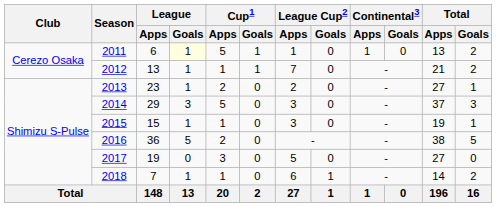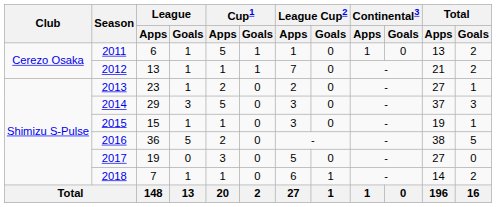 <table class="wikitable" style="text-align:center;">
 <tr>
 <th rowspan="2">Club</th>
 <th rowspan="2">Season</th>
 <th colspan="2">League</th>
 <th colspan="2">Cup<sup><a href='#'>1</a></sup></th>
 <th colspan="2">League Cup<sup><a href='#'>2</a></sup></th>
 <th colspan="2">Continental<sup><a href='#'>3</a></sup></th>
 <th colspan="2">Total</th>
 </tr>
 <tr>
 <th>Apps</th>
 <th>Goals</th>
 <th>Apps</th>
 <th>Goals</th>
 <th>Apps</th>
 <th>Goals</th>
 <th>Apps</th>
 <th>Goals</th>
 <th>Apps</th>
 <th>Goals</th>
 </tr>
 <tr>
 <td rowspan="2"><a href='#'>Cerezo Osaka</a></td>
 <td><a href='#'>2011</a></td>
 <td>6</td>
-<td style="background: lightyellow;">1</td>
+<td>1</td>
 <td>5</td>
 <td>1</td>
 <td>1</td>
 <td>0</td>
 <td>1</td>
 <td>0</td>
 <td>13</td>
 <td>2</td>
 </tr>
 <tr>
 <td><a href='#'>2012</a></td>
 <td>13</td>
 <td>1</td>
 <td>1</td>
 <td>1</td>
 <td>7</td>
 <td>0</td>
 <td colspan="2">-</td>
 <td>21</td>
 <td>2</td>
 </tr>
 <tr>
 <td rowspan="6"><a href='#'>Shimizu S-Pulse</a></td>
 <td><a href='#'>2013</a></td>
 <td>23</td>
 <td>1</td>
 <td>2</td>
 <td>0</td>
 <td>2</td>
 <td>0</td>
 <td colspan="2">-</td>
 <td>27</td>
 <td>1</td>
 </tr>
 <tr>
 <td><a href='#'>2014</a></td>
 <td>29</td>
 <td>3</td>
 <td>5</td>
 <td>0</td>
 <td>3</td>
 <td>0</td>
 <td colspan="2">-</td>
 <td>37</td>
 <td>3</td>
 </tr>
 <tr>
 <td><a href='#'>2015</a></td>
 <td>15</td>
 <td>1</td>
 <td>1</td>
 <td>0</td>
 <td>3</td>
 <td>0</td>
 <td colspan="2">-</td>
 <td>19</td>
 <td>1</td>
 </tr>
 <tr>
 <td><a href='#'>2016</a></td>
 <td>36</td>
 <td>5</td>
 <td>2</td>
 <td>0</td>
 <td colspan="2">-</td>
 <td colspan="2">-</td>
 <td>38</td>
 <td>5</td>
 </tr>
 <tr>
 <td><a href='#'>2017</a></td>
 <td>19</td>
 <td>0</td>
 <td>3</td>
 <td>0</td>
 <td>5</td>
 <td>0</td>
 <td colspan="2">-</td>
 <td>27</td>
 <td>0</td>
 </tr>
 <tr>
 <td><a href='#'>2018</a></td>
 <td>7</td>
 <td>1</td>
 <td>1</td>
 <td>0</td>
 <td>6</td>
 <td>1</td>
 <td colspan="2">-</td>
 <td>14</td>
 <td>2</td>
 </tr>
 <tr>
 <th colspan="2">Total</th>
 <th>148</th>
 <th>13</th>
 <th>20</th>
 <th>2</th>
 <th>27</th>
 <th>1</th>
 <th>1</th>
 <th>0</th>
 <th>196</th>
 <th>16</th>
 </tr>
 </table>
